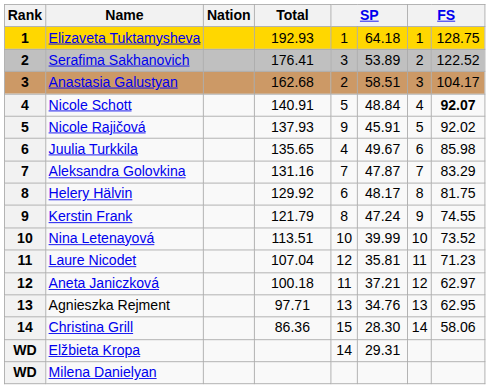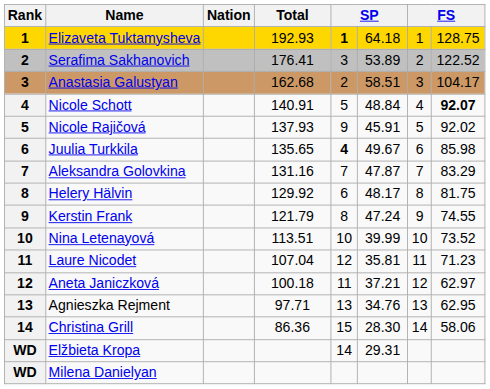 <table class="wikitable sortable">
 <tr>
 <th>Rank</th>
 <th>Name</th>
 <th>Nation</th>
 <th width="80px">Total</th>
 <th colspan="2" width="80px"><a href='#'>SP</a></th>
 <th colspan="2" width="80px"><a href='#'>FS</a></th>
 </tr>
 <tr bgcolor="gold">
 <td align="center"><strong>1</strong></td>
 <td><a href='#'>Elizaveta Tuktamysheva</a></td>
 <td></td>
 <td align="center">192.93</td>
-<td align="center">1</td>
+<td align="center"><strong>1</strong></td>
 <td align="center">64.18</td>
 <td align="center">1</td>
 <td align="center">128.75</td>
 </tr>
 <tr bgcolor="silver">
 <td align="center"><strong>2</strong></td>
 <td><a href='#'>Serafima Sakhanovich</a></td>
 <td></td>
 <td align="center">176.41</td>
 <td align="center">3</td>
 <td align="center">53.89</td>
 <td align="center">2</td>
 <td align="center">122.52</td>
 </tr>
 <tr bgcolor="cc9966">
 <td align="center"><strong>3</strong></td>
 <td><a href='#'>Anastasia Galustyan</a></td>
 <td></td>
 <td align="center">162.68</td>
 <td align="center">2</td>
 <td align="center">58.51</td>
 <td align="center">3</td>
 <td align="center">104.17</td>
 </tr>
 <tr>
 <th>4</th>
 <td><a href='#'>Nicole Schott</a></td>
 <td></td>
 <td align="center">140.91</td>
 <td align="center">5</td>
 <td align="center">48.84</td>
 <td align="center">4</td>
 <td align="center"><strong>92.07</strong></td>
 </tr>
 <tr>
 <th>5</th>
 <td><a href='#'>Nicole Rajičová</a></td>
 <td></td>
 <td align="center">137.93</td>
 <td align="center">9</td>
 <td align="center">45.91</td>
 <td align="center">5</td>
 <td align="center">92.02</td>
 </tr>
 <tr>
 <th>6</th>
 <td><a href='#'>Juulia Turkkila</a></td>
 <td></td>
 <td align="center">135.65</td>
-<td align="center">4</td>
+<td align="center"><strong>4</strong></td>
 <td align="center">49.67</td>
 <td align="center">6</td>
 <td align="center">85.98</td>
 </tr>
 <tr>
 <th>7</th>
 <td><a href='#'>Aleksandra Golovkina</a></td>
 <td></td>
 <td align="center">131.16</td>
 <td align="center">7</td>
 <td align="center">47.87</td>
 <td align="center">7</td>
 <td align="center">83.29</td>
 </tr>
 <tr>
 <th>8</th>
 <td><a href='#'>Helery Hälvin</a></td>
 <td></td>
 <td align="center">129.92</td>
 <td align="center">6</td>
 <td align="center">48.17</td>
 <td align="center">8</td>
 <td align="center">81.75</td>
 </tr>
 <tr>
 <th>9</th>
 <td><a href='#'>Kerstin Frank</a></td>
 <td></td>
 <td align="center">121.79</td>
 <td align="center">8</td>
 <td align="center">47.24</td>
 <td align="center">9</td>
 <td align="center">74.55</td>
 </tr>
 <tr>
 <th>10</th>
 <td><a href='#'>Nina Letenayová</a></td>
 <td></td>
 <td align="center">113.51</td>
 <td align="center">10</td>
 <td align="center">39.99</td>
 <td align="center">10</td>
 <td align="center">73.52</td>
 </tr>
 <tr>
 <th>11</th>
 <td><a href='#'>Laure Nicodet</a></td>
 <td></td>
 <td align="center">107.04</td>
 <td align="center">12</td>
 <td align="center">35.81</td>
 <td align="center">11</td>
 <td align="center">71.23</td>
 </tr>
 <tr>
 <th>12</th>
 <td><a href='#'>Aneta Janiczková</a></td>
 <td></td>
 <td align="center">100.18</td>
 <td align="center">11</td>
 <td align="center">37.21</td>
 <td align="center">12</td>
 <td align="center">62.97</td>
 </tr>
 <tr>
 <th>13</th>
 <td>Agnieszka Rejment</td>
 <td></td>
 <td align="center">97.71</td>
 <td align="center">13</td>
 <td align="center">34.76</td>
 <td align="center">13</td>
 <td align="center">62.95</td>
 </tr>
 <tr>
 <th>14</th>
 <td><a href='#'>Christina Grill</a></td>
 <td></td>
 <td align="center">86.36</td>
 <td align="center">15</td>
 <td align="center">28.30</td>
 <td align="center">14</td>
 <td align="center">58.06</td>
 </tr>
 <tr>
 <th>WD</th>
 <td><a href='#'>Elžbieta Kropa</a></td>
 <td></td>
 <td align="center"></td>
 <td align="center">14</td>
 <td align="center">29.31</td>
 <td align="center"></td>
 <td align="center"></td>
 </tr>
 <tr>
 <th>WD</th>
 <td><a href='#'>Milena Danielyan</a></td>
 <td></td>
 <td align="center"></td>
 <td align="center"></td>
 <td align="center"></td>
 <td align="center"></td>
 <td align="center"></td>
 </tr>
 </table>
